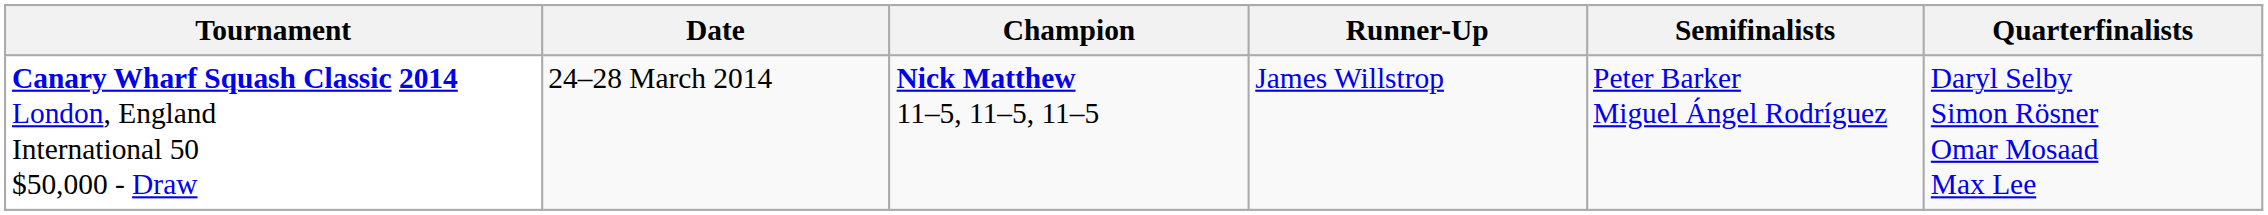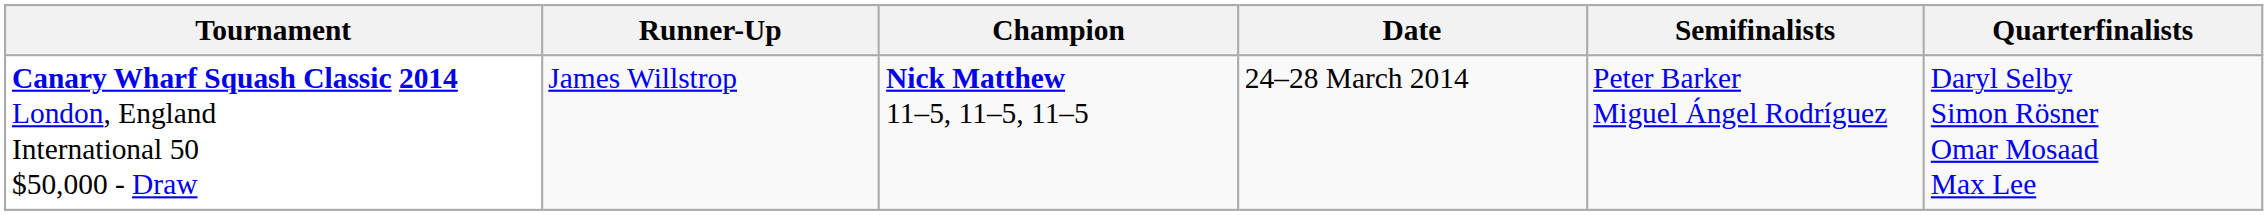 <table class="wikitable" style="font-size:88%">
 <tr>
 <th width=250>Tournament</th>
+<th width=155>Runner-Up</th>
+<th width=165>Champion</th>
 <th width=160>Date</th>
-<th width=165>Champion</th>
-<th width=155>Runner-Up</th>
 <th width=155>Semifinalists</th>
 <th width=155>Quarterfinalists</th>
 </tr>
 <tr valign=top>
 <td style="background:#fff;"><strong><a href='#'>Canary Wharf Squash Classic</a> <a href='#'>2014</a></strong><br> <a href='#'>London</a>, England<br>International 50<br>$50,000 - <a href='#'>Draw</a></td>
+<td> <a href='#'>James Willstrop</a></td>
+<td> <strong><a href='#'>Nick Matthew</a></strong><br>11–5, 11–5, 11–5</td>
 <td>24–28 March 2014</td>
-<td> <strong><a href='#'>Nick Matthew</a></strong><br>11–5, 11–5, 11–5</td>
-<td> <a href='#'>James Willstrop</a></td>
 <td> <a href='#'>Peter Barker</a><br> <a href='#'>Miguel Ángel Rodríguez</a></td>
 <td> <a href='#'>Daryl Selby</a><br> <a href='#'>Simon Rösner</a><br> <a href='#'>Omar Mosaad</a><br> <a href='#'>Max Lee</a></td>
 </tr>
 </table>
